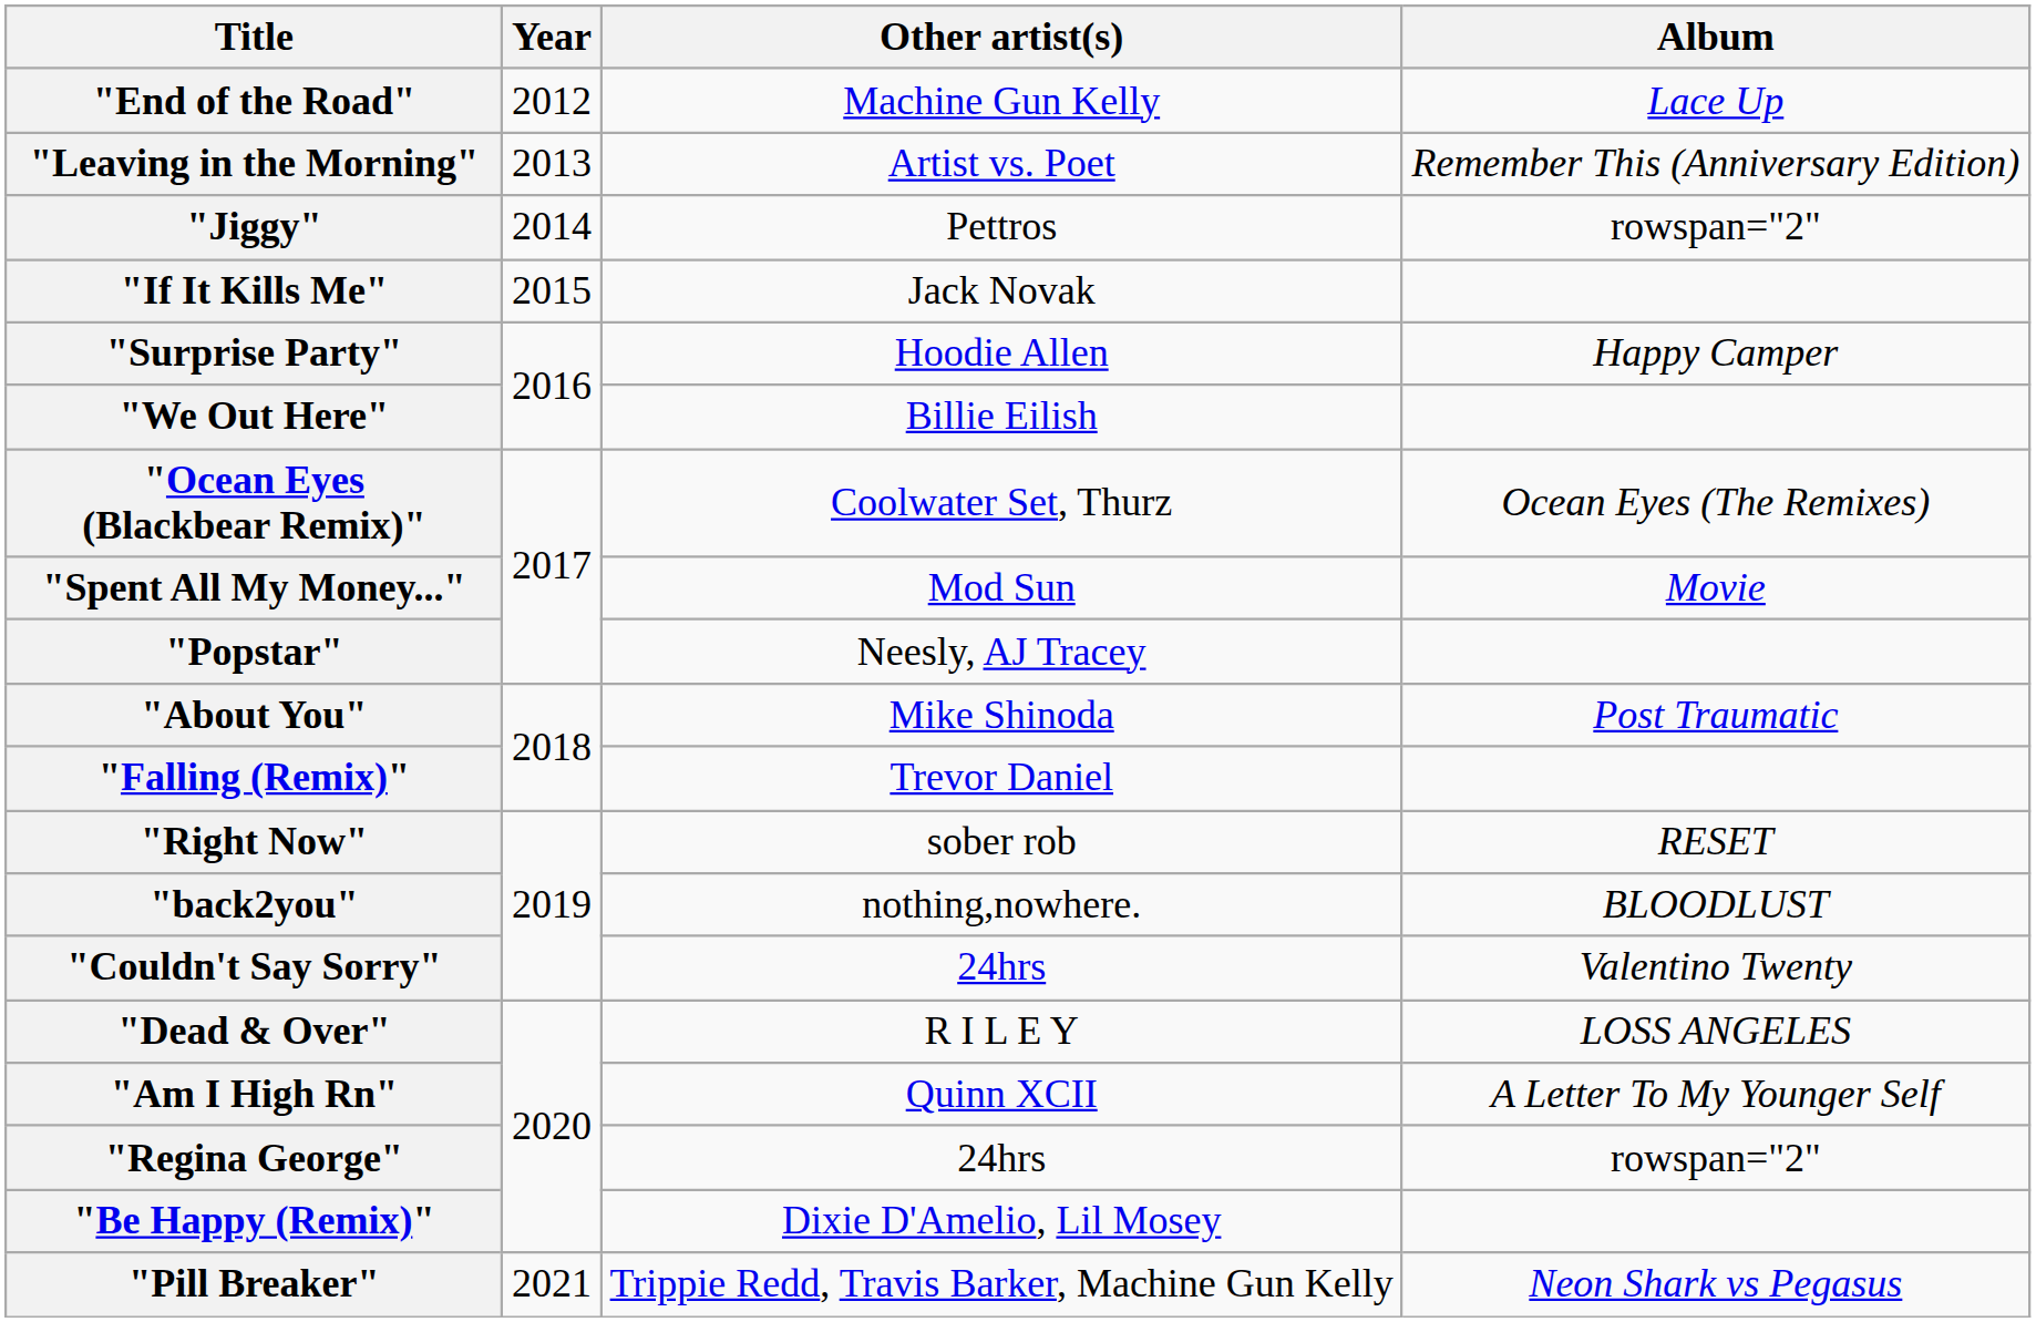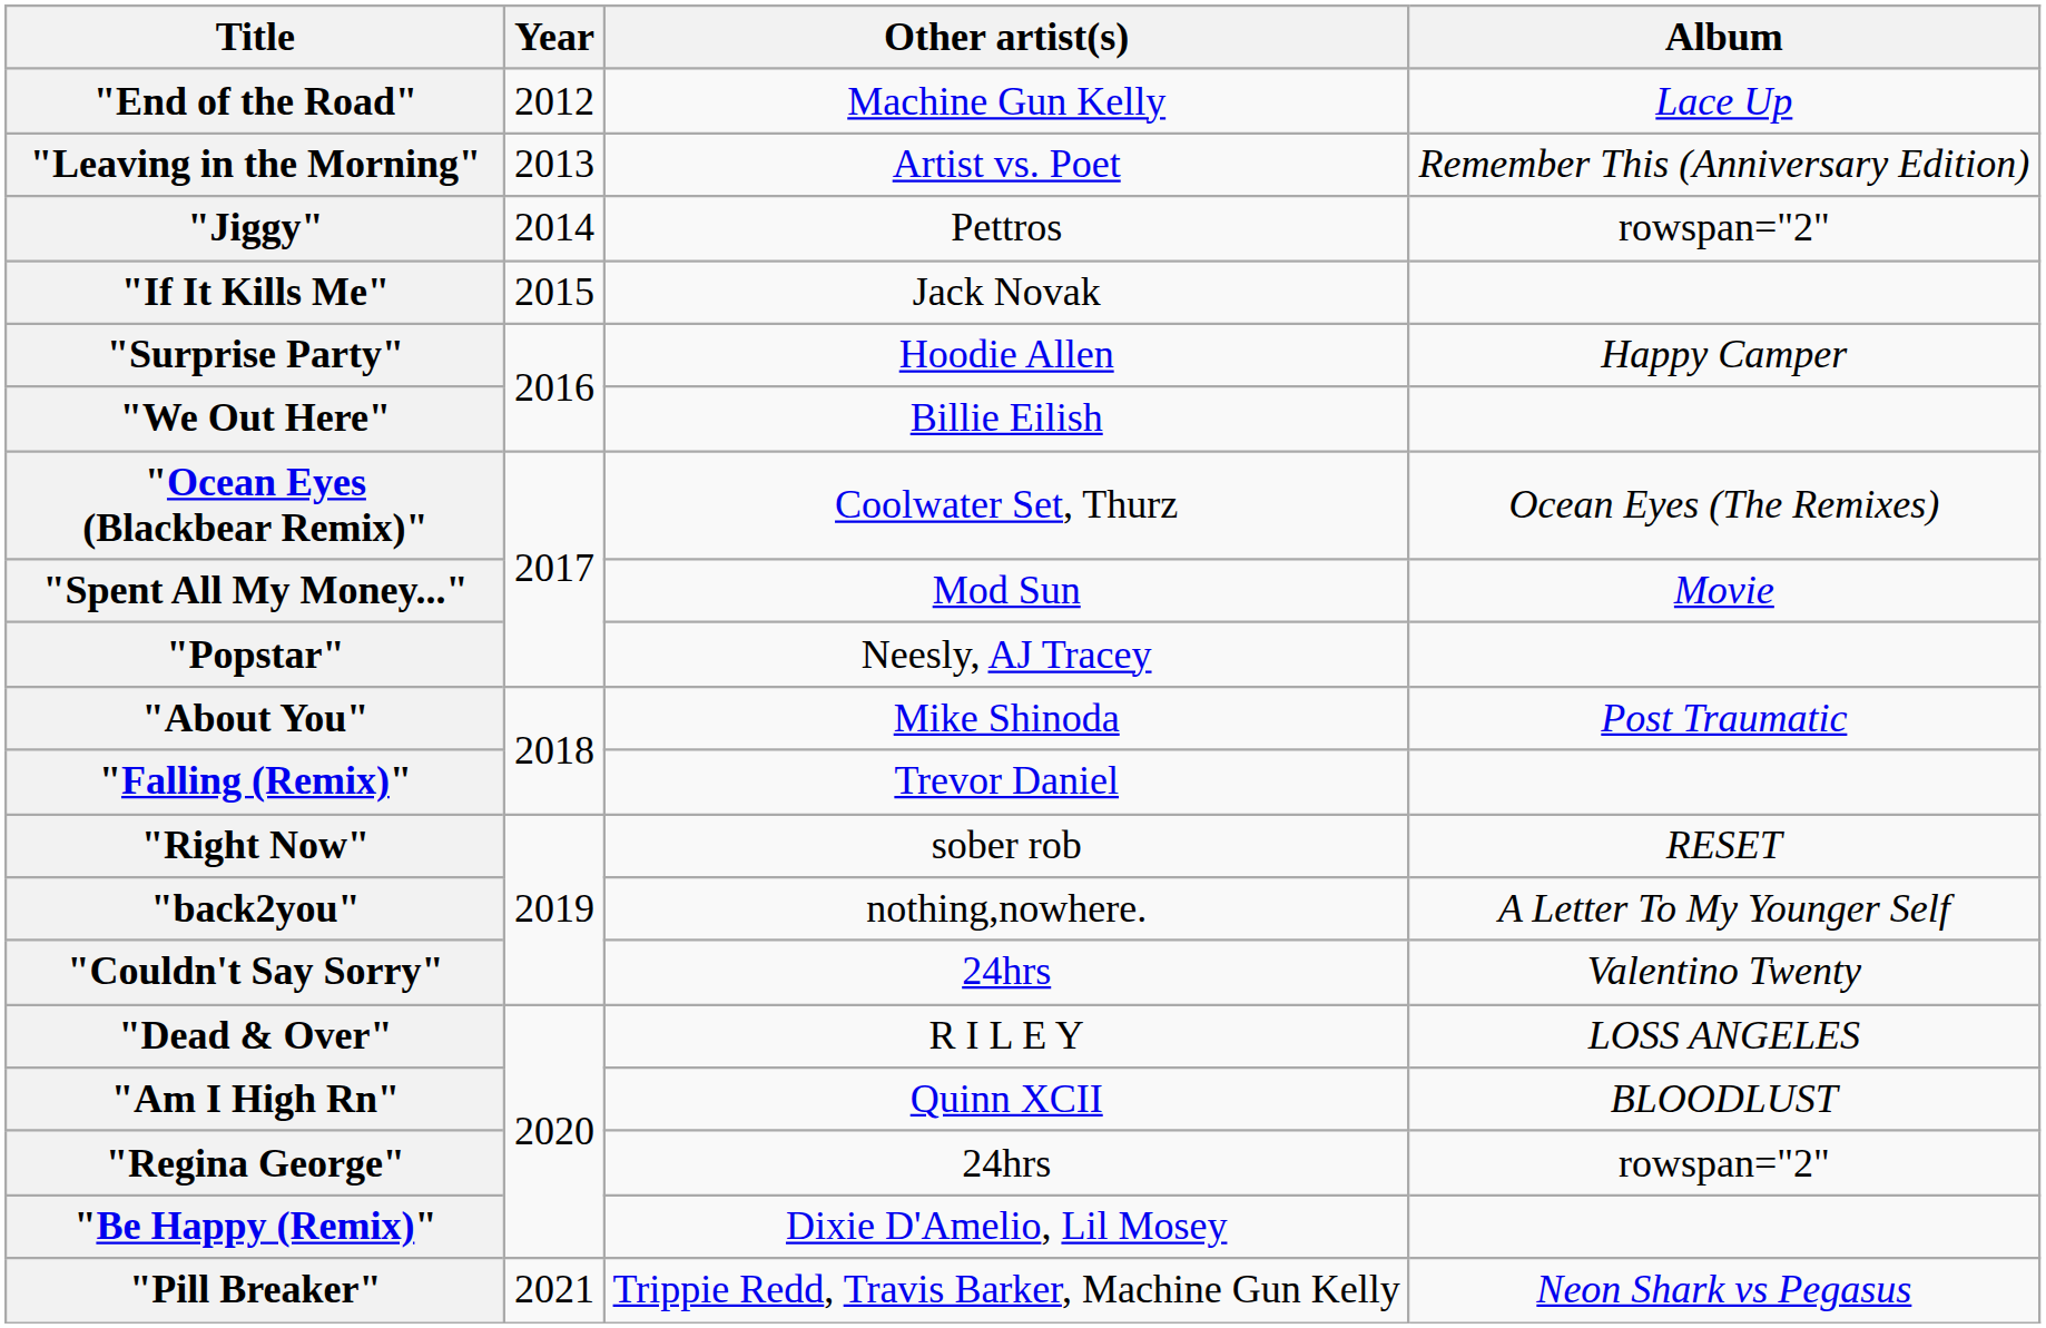 <table class="wikitable plainrowheaders" style="text-align:center;">
 <tr>
 <th scope="col" style="width:12em;">Title</th>
 <th scope="col">Year</th>
 <th scope="col">Other artist(s)</th>
 <th scope="col">Album</th>
 </tr>
 <tr>
 <th scope="row">"End of the Road"</th>
 <td>2012</td>
 <td style="text-align:center;"><a href='#'>Machine Gun Kelly</a></td>
 <td><em><a href='#'>Lace Up</a></em></td>
 </tr>
 <tr>
 <th scope="row">"Leaving in the Morning"</th>
 <td>2013</td>
 <td style="text-align:center;"><a href='#'>Artist vs. Poet</a></td>
 <td><em>Remember This (Anniversary Edition)</em></td>
 </tr>
 <tr>
 <th scope="row">"Jiggy"</th>
 <td>2014</td>
 <td style="text-align:center;">Pettros</td>
 <td>rowspan="2" </td>
 </tr>
 <tr>
 <th scope="row">"If It Kills Me"</th>
 <td>2015</td>
 <td style="text-align:center;">Jack Novak</td>
 </tr>
 <tr>
 <th scope="row">"Surprise Party"</th>
 <td rowspan="2">2016</td>
 <td style="text-align:center;"><a href='#'>Hoodie Allen</a></td>
 <td><em>Happy Camper</em></td>
 </tr>
 <tr>
 <th scope="row">"We Out Here"</th>
 <td style="text-align:center;"><a href='#'>Billie Eilish</a></td>
 <td></td>
 </tr>
 <tr>
 <th scope="row">"<a href='#'>Ocean Eyes</a><br>(Blackbear Remix)"</th>
 <td rowspan="3">2017</td>
 <td style="text-align:center;"><a href='#'>Coolwater Set</a>, Thurz</td>
 <td><em>Ocean Eyes (The Remixes)</em></td>
 </tr>
 <tr>
 <th scope="row">"Spent All My Money..."</th>
 <td style="text-align:center;"><a href='#'>Mod Sun</a></td>
 <td><em><a href='#'>Movie</a></em></td>
 </tr>
 <tr>
 <th scope="row">"Popstar"</th>
 <td style="text-align:center;">Neesly, <a href='#'>AJ Tracey</a></td>
 <td></td>
 </tr>
 <tr>
 <th scope="row">"About You"</th>
 <td rowspan="2">2018</td>
 <td style="text-align:center;"><a href='#'>Mike Shinoda</a></td>
 <td><em><a href='#'>Post Traumatic</a></em></td>
 </tr>
 <tr>
 <th scope="row">"<a href='#'>Falling (Remix)</a>"<br></th>
 <td style="text-align:center;"><a href='#'>Trevor Daniel</a></td>
 <td></td>
 </tr>
 <tr>
 <th scope="row">"Right Now"</th>
 <td rowspan="3">2019</td>
 <td style="text-align:center;">sober rob</td>
 <td><em>RESET</em></td>
 </tr>
 <tr>
 <th scope="row">"back2you"</th>
 <td>nothing,nowhere.</td>
-<td><em>BLOODLUST</em></td>
+<td><em>A Letter To My Younger Self</em></td>
 </tr>
 <tr>
 <th scope="row">"Couldn't Say Sorry"</th>
 <td style="text-align:center;"><a href='#'>24hrs</a></td>
 <td><em>Valentino Twenty</em></td>
 </tr>
 <tr>
 <th scope="row">"Dead & Over"</th>
 <td rowspan="4">2020</td>
 <td style="text-align:center;">R I L E Y</td>
 <td><em>LOSS ANGELES</em></td>
 </tr>
 <tr>
 <th scope="row">"Am I High Rn"</th>
 <td style="text-align:center;"><a href='#'>Quinn XCII</a></td>
-<td><em>A Letter To My Younger Self</em></td>
+<td><em>BLOODLUST</em></td>
 </tr>
 <tr>
 <th scope="row">"Regina George"</th>
 <td style="text-align:center;">24hrs</td>
 <td>rowspan="2" </td>
 </tr>
 <tr>
 <th scope="row">"<a href='#'>Be Happy (Remix)</a>"</th>
 <td style="text-align:center;"><a href='#'>Dixie D'Amelio</a>, <a href='#'>Lil Mosey</a></td>
 </tr>
 <tr>
 <th scope="row">"Pill Breaker"</th>
 <td>2021</td>
 <td style="text-align:center;"><a href='#'>Trippie Redd</a>, <a href='#'>Travis Barker</a>, Machine Gun Kelly</td>
 <td><em><a href='#'>Neon Shark vs Pegasus</a></em></td>
 </tr>
 </table>
